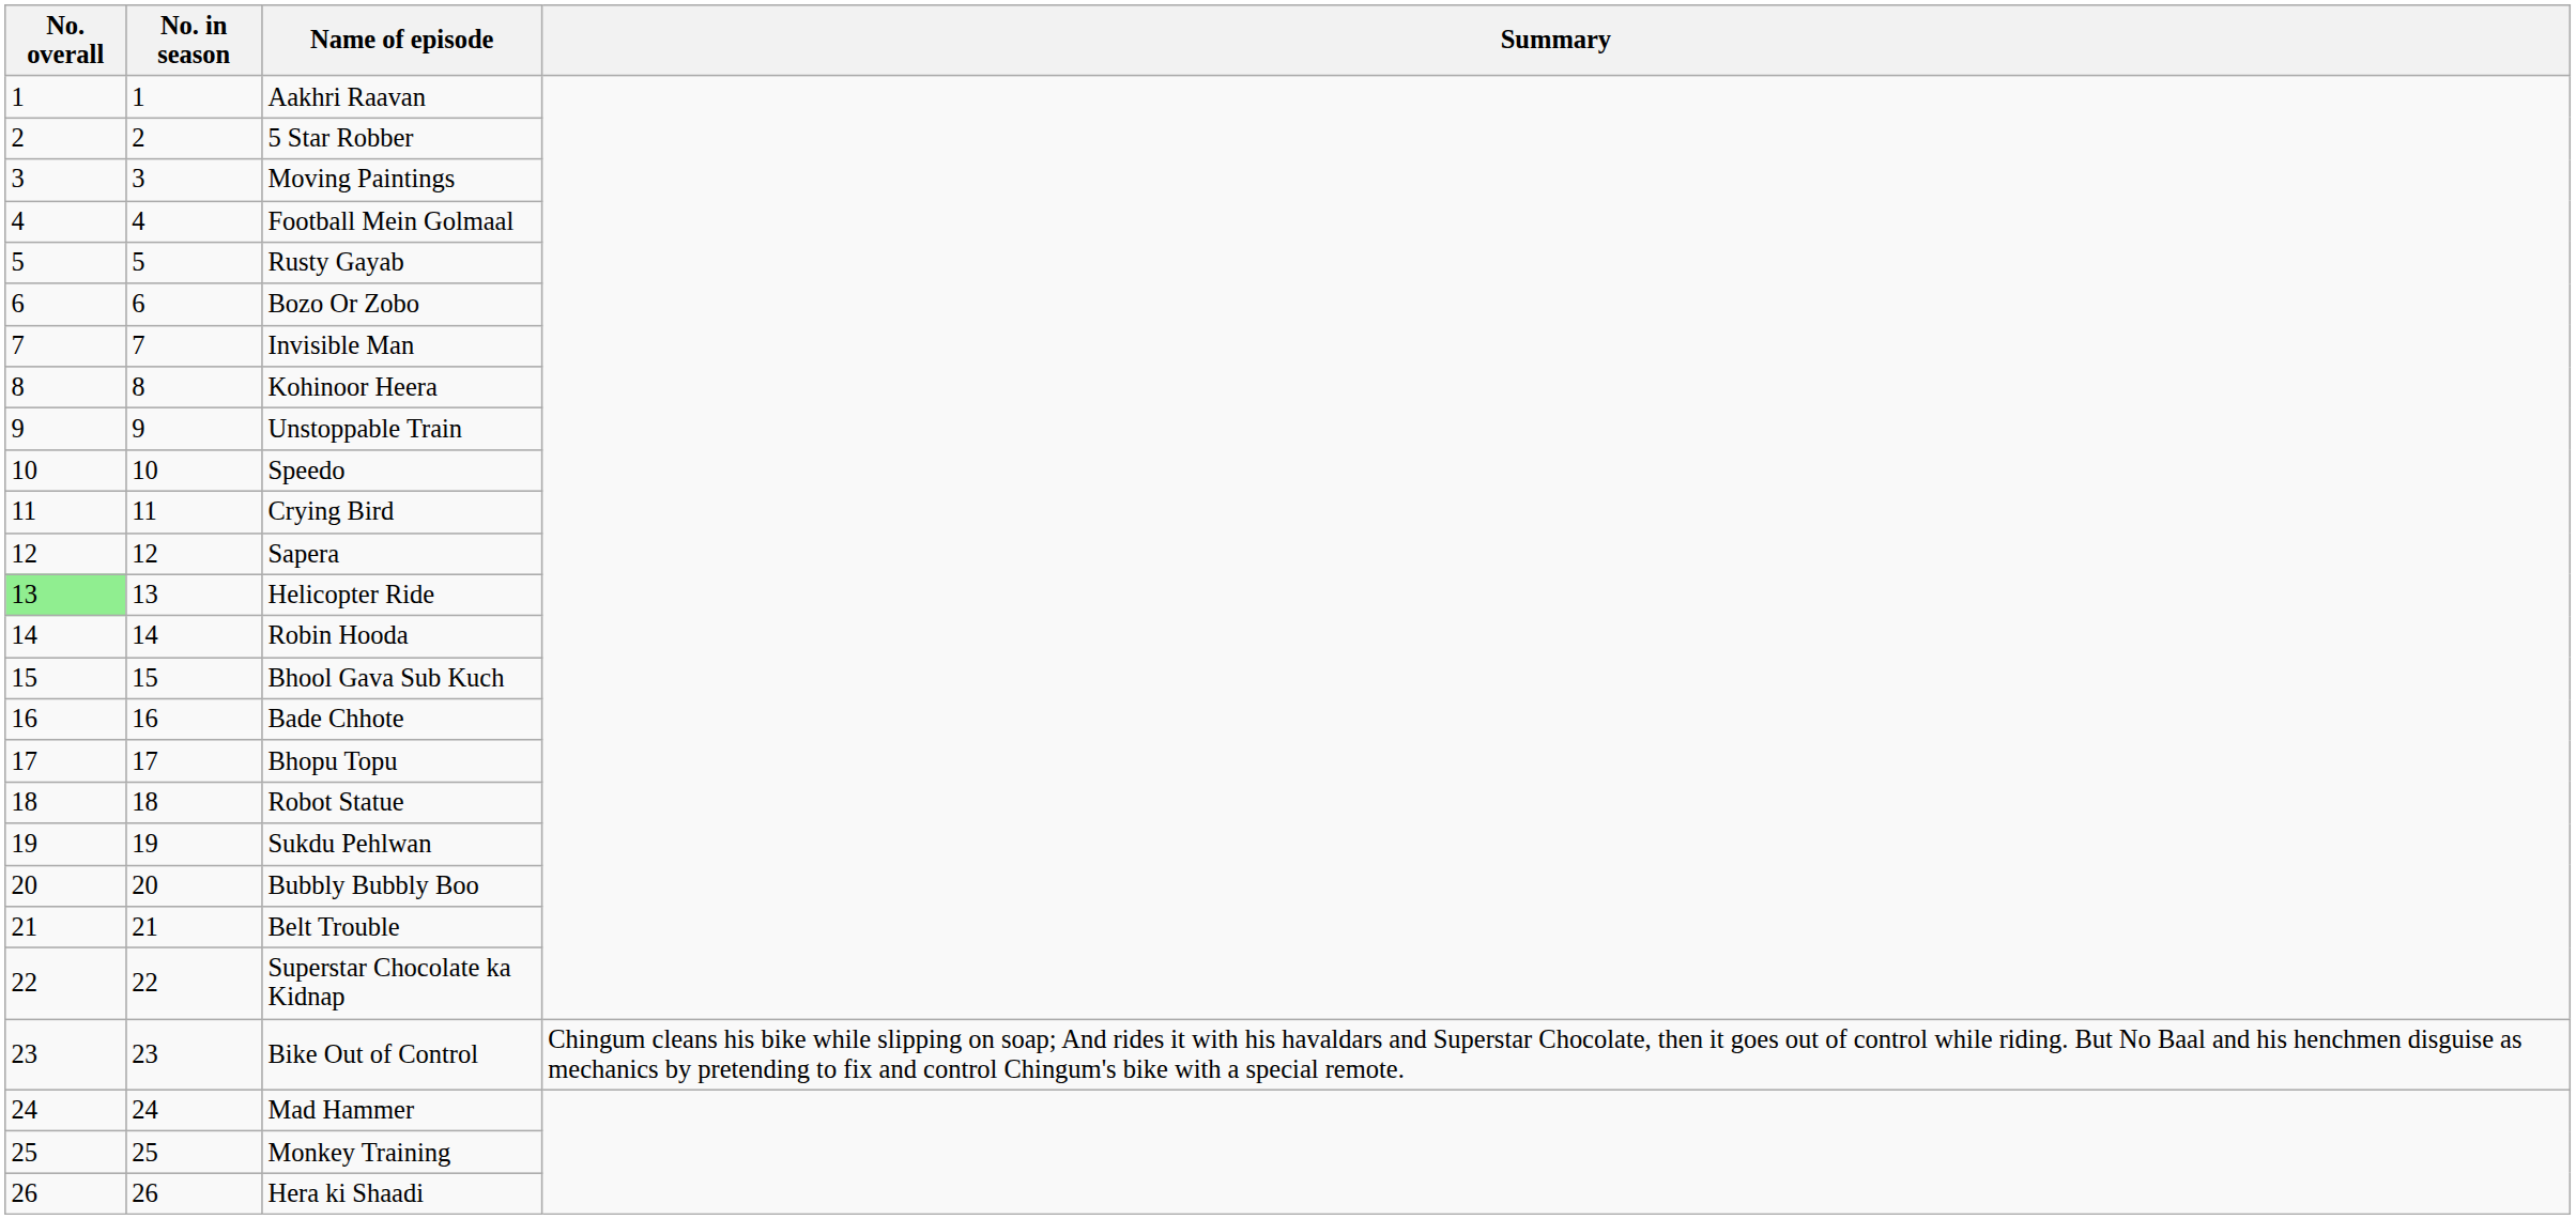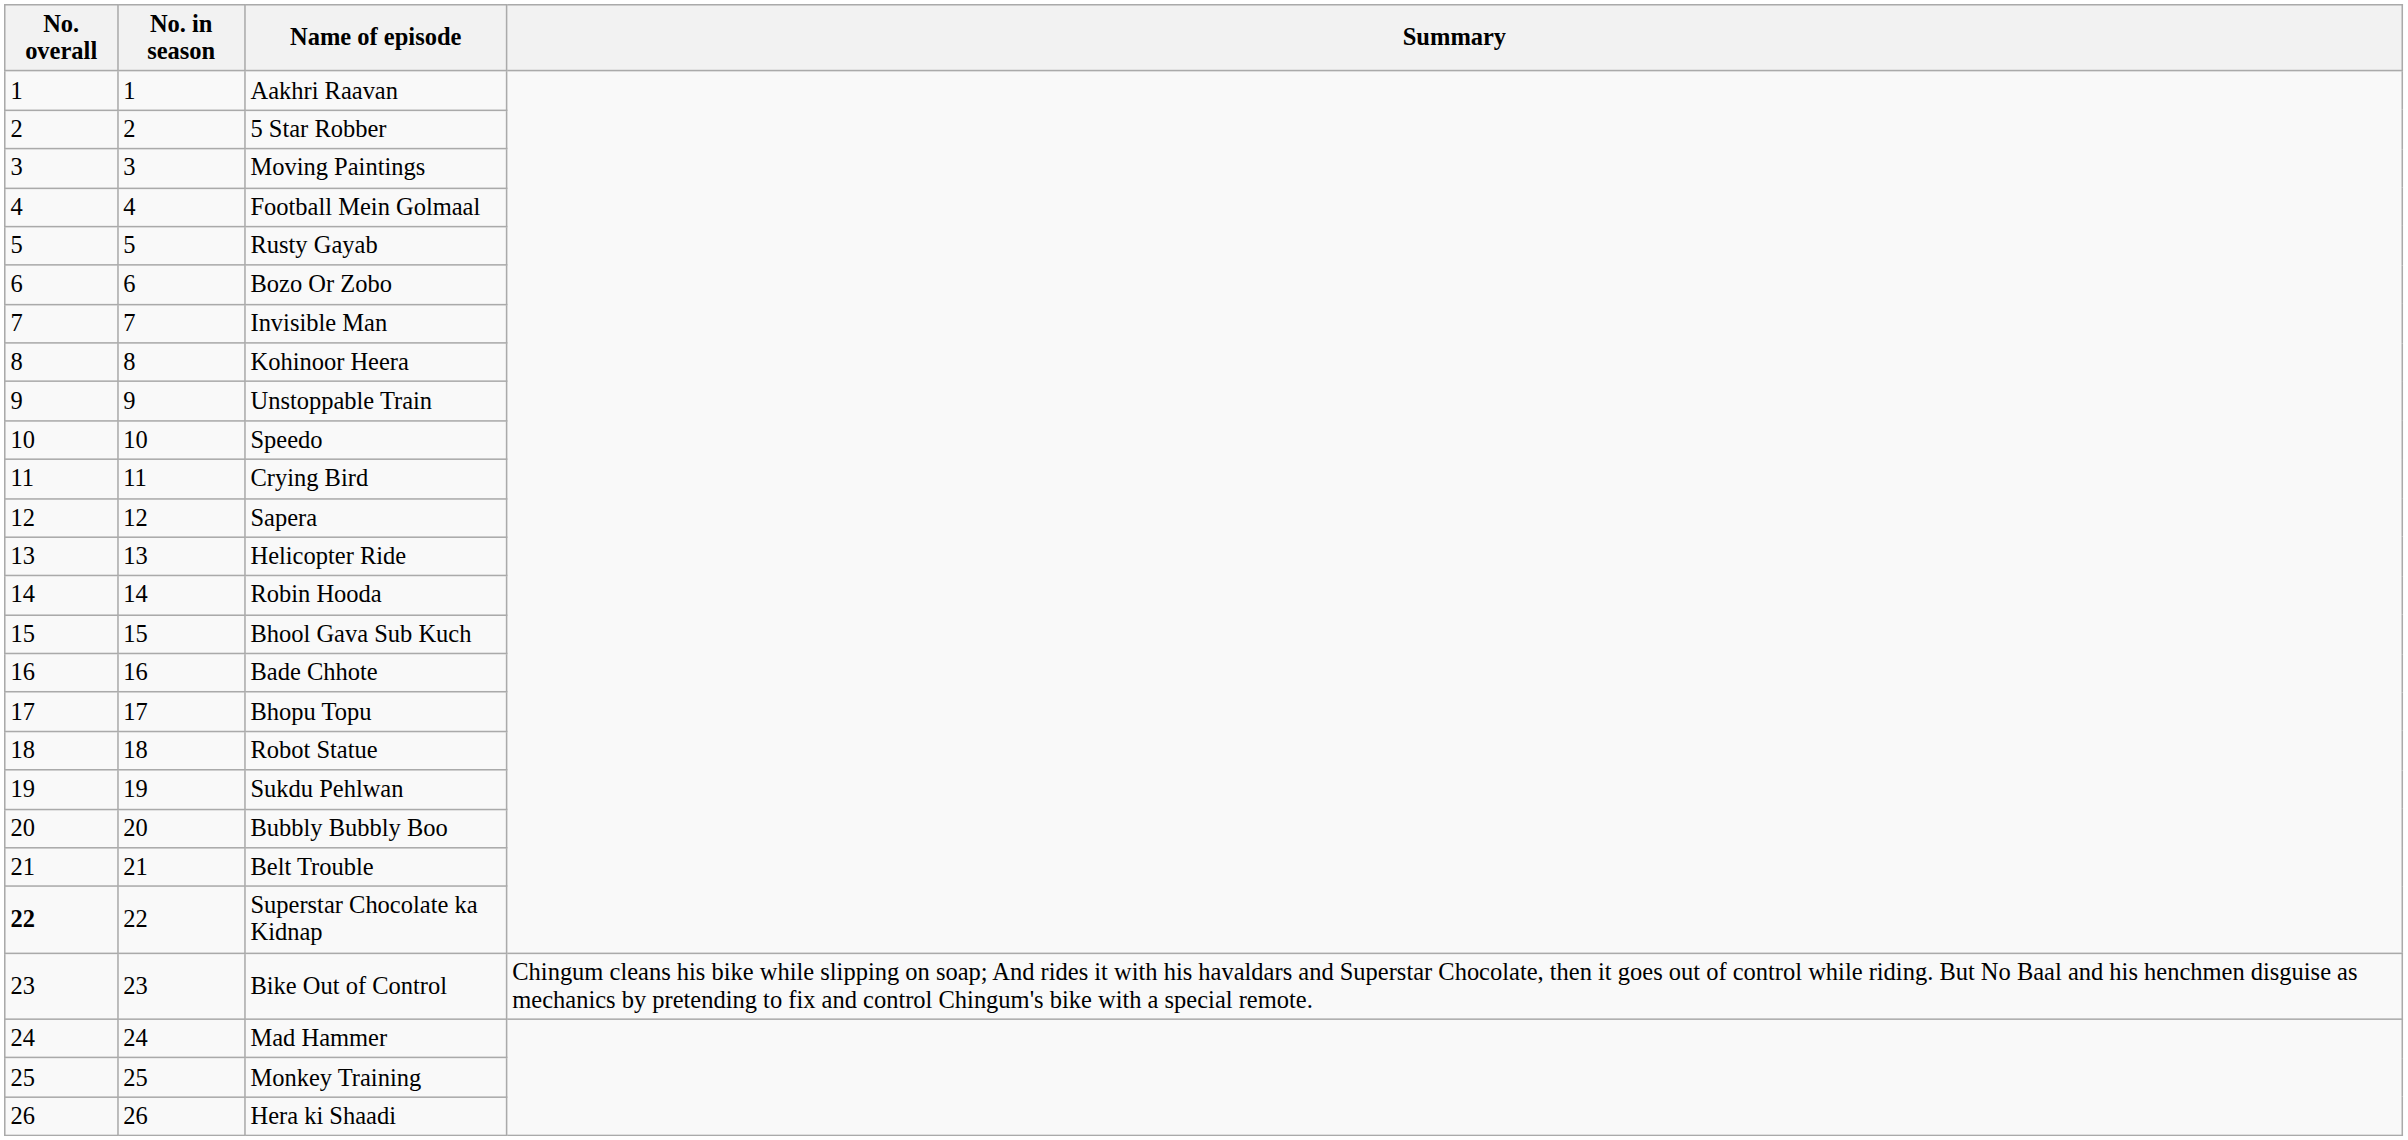 <table class="wikitable">
 <tr>
 <th>No. overall</th>
 <th>No. in season</th>
 <th>Name of episode</th>
 <th>Summary</th>
 </tr>
 <tr>
 <td>1</td>
 <td>1</td>
 <td>Aakhri Raavan</td>
 </tr>
 <tr>
 <td>2</td>
 <td>2</td>
 <td>5 Star Robber</td>
 </tr>
 <tr>
 <td>3</td>
 <td>3</td>
 <td>Moving Paintings</td>
 </tr>
 <tr>
 <td>4</td>
 <td>4</td>
 <td>Football Mein Golmaal</td>
 </tr>
 <tr>
 <td>5</td>
 <td>5</td>
 <td>Rusty Gayab</td>
 </tr>
 <tr>
 <td>6</td>
 <td>6</td>
 <td>Bozo Or Zobo</td>
 </tr>
 <tr>
 <td>7</td>
 <td>7</td>
 <td>Invisible Man</td>
 </tr>
 <tr>
 <td>8</td>
 <td>8</td>
 <td>Kohinoor Heera</td>
 </tr>
 <tr>
 <td>9</td>
 <td>9</td>
 <td>Unstoppable Train</td>
 </tr>
 <tr>
 <td>10</td>
 <td>10</td>
 <td>Speedo</td>
 </tr>
 <tr>
 <td>11</td>
 <td>11</td>
 <td>Crying Bird</td>
 </tr>
 <tr>
 <td>12</td>
 <td>12</td>
 <td>Sapera</td>
 </tr>
 <tr>
-<td style="background: lightgreen;">13</td>
+<td>13</td>
 <td>13</td>
 <td>Helicopter Ride</td>
 </tr>
 <tr>
 <td>14</td>
 <td>14</td>
 <td>Robin Hooda</td>
 </tr>
 <tr>
 <td>15</td>
 <td>15</td>
 <td>Bhool Gava Sub Kuch</td>
 </tr>
 <tr>
 <td>16</td>
 <td>16</td>
 <td>Bade Chhote</td>
 </tr>
 <tr>
 <td>17</td>
 <td>17</td>
 <td>Bhopu Topu</td>
 </tr>
 <tr>
 <td>18</td>
 <td>18</td>
 <td>Robot Statue</td>
 </tr>
 <tr>
 <td>19</td>
 <td>19</td>
 <td>Sukdu Pehlwan</td>
 </tr>
 <tr>
 <td>20</td>
 <td>20</td>
 <td>Bubbly Bubbly Boo</td>
 </tr>
 <tr>
 <td>21</td>
 <td>21</td>
 <td>Belt Trouble</td>
 </tr>
 <tr>
-<td>22</td>
+<td><strong>22</strong></td>
 <td>22</td>
 <td>Superstar Chocolate ka Kidnap</td>
 </tr>
 <tr>
 <td>23</td>
 <td>23</td>
 <td>Bike Out of Control</td>
 <td>Chingum cleans his bike while slipping on soap; And rides it with his havaldars and Superstar Chocolate, then it goes out of control while riding. But No Baal and his henchmen disguise as mechanics by pretending to fix and control Chingum's bike with a special remote.</td>
 </tr>
 <tr>
 <td>24</td>
 <td>24</td>
 <td>Mad Hammer</td>
 </tr>
 <tr>
 <td>25</td>
 <td>25</td>
 <td>Monkey Training</td>
 </tr>
 <tr>
 <td>26</td>
 <td>26</td>
 <td>Hera ki Shaadi</td>
 </tr>
 </table>
